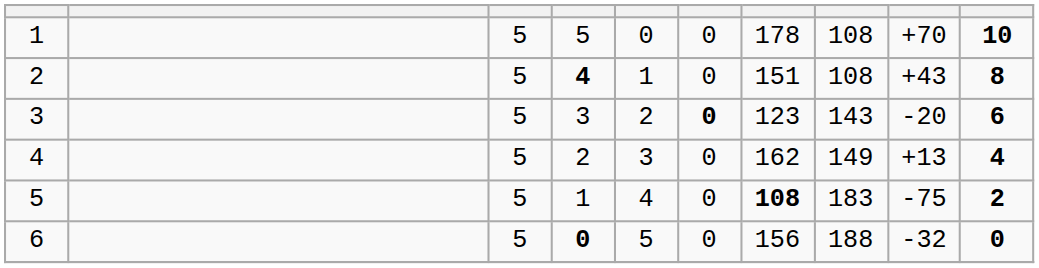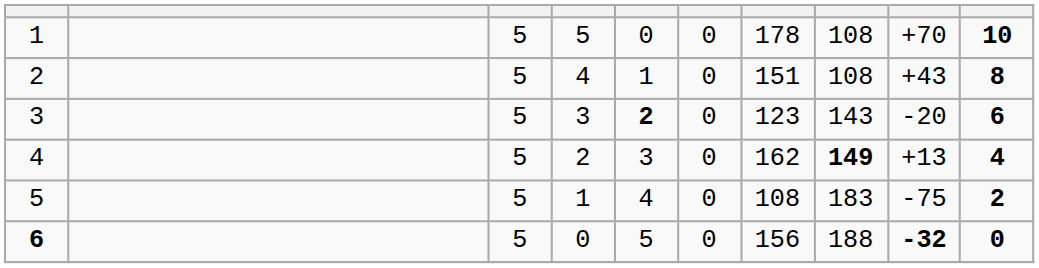 <table class="wikitable" style="text-align:center; font-size:95%">
 <tr>
 <th width="25"></th>
 <th width="200"></th>
 <th width="25"></th>
 <th width="25"></th>
 <th width="25"></th>
 <th width="25"></th>
 <th width="30"></th>
 <th width="30"></th>
 <th width="30"></th>
 <th width="30"></th>
 </tr>
 <tr style="background:#">
 <td>1</td>
 <td style="text-align:left"></td>
 <td>5</td>
 <td>5</td>
 <td>0</td>
 <td>0</td>
 <td>178</td>
 <td>108</td>
 <td>+70</td>
 <td><strong>10</strong></td>
 </tr>
 <tr style="background:#">
 <td>2</td>
 <td style="text-align:left"></td>
 <td>5</td>
-<td><strong>4</strong></td>
+<td>4</td>
 <td>1</td>
 <td>0</td>
 <td>151</td>
 <td>108</td>
 <td>+43</td>
 <td><strong>8</strong></td>
 </tr>
 <tr style="background:#">
 <td>3</td>
 <td style="text-align:left"></td>
 <td>5</td>
 <td>3</td>
-<td>2</td>
-<td><strong>0</strong></td>
+<td><strong>2</strong></td>
+<td>0</td>
 <td>123</td>
 <td>143</td>
 <td>-20</td>
 <td><strong>6</strong></td>
 </tr>
 <tr style="background:#">
 <td>4</td>
 <td style="text-align:left"></td>
 <td>5</td>
 <td>2</td>
 <td>3</td>
 <td>0</td>
 <td>162</td>
-<td>149</td>
+<td><strong>149</strong></td>
 <td>+13</td>
 <td><strong>4</strong></td>
 </tr>
 <tr style="background-color:#">
 <td>5</td>
 <td style="text-align:left"></td>
 <td>5</td>
 <td>1</td>
 <td>4</td>
 <td>0</td>
-<td><strong>108</strong></td>
+<td>108</td>
 <td>183</td>
 <td>-75</td>
 <td><strong>2</strong></td>
 </tr>
 <tr style="background-color:#">
-<td>6</td>
+<td><strong>6</strong></td>
 <td style="text-align:left"></td>
 <td>5</td>
-<td><strong>0</strong></td>
+<td>0</td>
 <td>5</td>
 <td>0</td>
 <td>156</td>
 <td>188</td>
-<td>-32</td>
+<td><strong>-32</strong></td>
 <td><strong>0</strong></td>
 </tr>
 <tr>
 </tr>
 </table>
